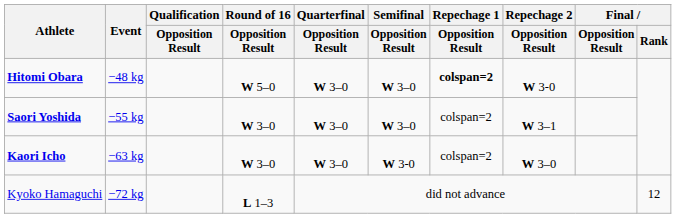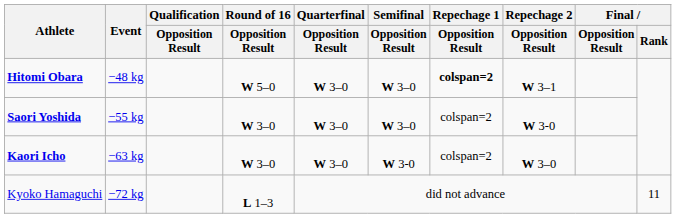 <table class="wikitable" style="font-size:90%">
 <tr>
 <th rowspan="2">Athlete</th>
 <th rowspan="2">Event</th>
 <th>Qualification</th>
 <th>Round of 16</th>
 <th>Quarterfinal</th>
 <th>Semifinal</th>
 <th>Repechage 1</th>
 <th>Repechage 2</th>
 <th colspan=2>Final / </th>
 </tr>
 <tr style="font-size: 95%">
 <th>Opposition<br>Result</th>
 <th>Opposition<br>Result</th>
 <th>Opposition<br>Result</th>
 <th>Opposition<br>Result</th>
 <th>Opposition<br>Result</th>
 <th>Opposition<br>Result</th>
 <th>Opposition<br>Result</th>
 <th>Rank</th>
 </tr>
 <tr align=center>
 <td align=left><strong><a href='#'>Hitomi Obara</a></strong></td>
 <td align=left><a href='#'>−48 kg</a></td>
 <td></td>
 <td><br><strong>W</strong> 5–0 <sup></sup></td>
 <td><br><strong>W</strong> 3–0 <sup></sup></td>
 <td><br><strong>W</strong> 3–0 <sup></sup></td>
 <td><strong>colspan=2 </strong></td>
-<td><br><strong>W</strong> 3-0 <sup></sup></td>
+<td><br><strong>W</strong> 3–1 <sup></sup></td>
 <td></td>
 </tr>
 <tr align=center>
 <td align=left><strong><a href='#'>Saori Yoshida</a></strong></td>
 <td align=left><a href='#'>−55 kg</a></td>
 <td></td>
 <td><br><strong>W</strong> 3–0 <sup></sup></td>
 <td><br><strong>W</strong> 3–0 <sup></sup></td>
 <td><br><strong>W</strong> 3–0 <sup></sup></td>
 <td>colspan=2 </td>
-<td><br><strong>W</strong> 3–1 <sup></sup></td>
+<td><br><strong>W</strong> 3-0 <sup></sup></td>
 <td></td>
 </tr>
 <tr align=center>
 <td align=left><strong><a href='#'>Kaori Icho</a></strong></td>
 <td align=left><a href='#'>−63 kg</a></td>
 <td></td>
 <td><br><strong>W</strong> 3–0 <sup></sup></td>
 <td><br><strong>W</strong> 3–0 <sup></sup></td>
 <td><br><strong>W</strong> 3-0 <sup></sup></td>
 <td>colspan=2 </td>
 <td><br><strong>W</strong> 3–0 <sup></sup></td>
 <td></td>
 </tr>
 <tr align=center>
 <td align=left><a href='#'>Kyoko Hamaguchi</a></td>
 <td align=left><a href='#'>−72 kg</a></td>
 <td></td>
 <td><br><strong>L</strong> 1–3 <sup></sup></td>
 <td colspan=5>did not advance</td>
-<td>12</td>
+<td>11</td>
 </tr>
 </table>
